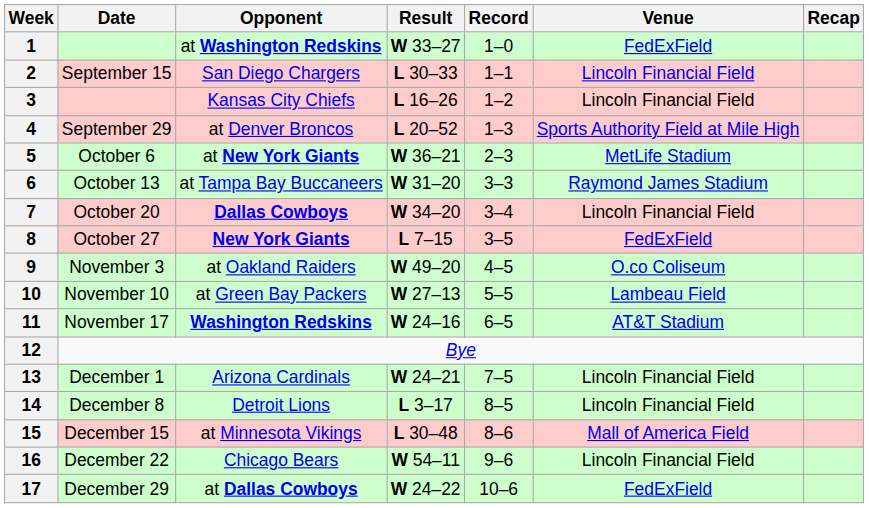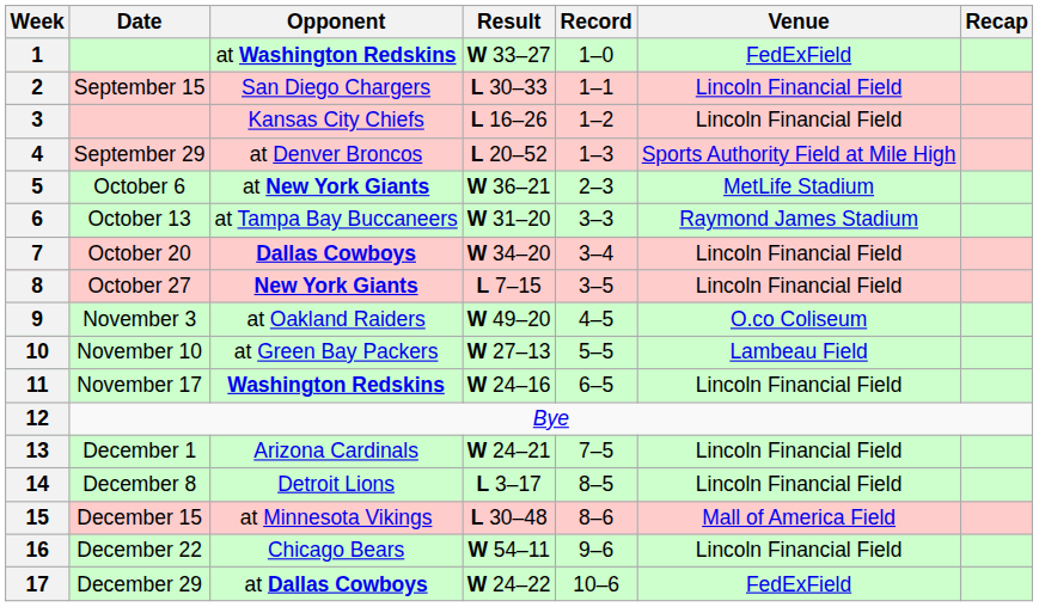 <table class="wikitable" style="text-align:center">
 <tr>
 <th>Week</th>
 <th>Date</th>
 <th>Opponent</th>
 <th>Result</th>
 <th>Record</th>
 <th>Venue</th>
 <th>Recap</th>
 </tr>
 <tr style="background:#cfc">
 <th>1</th>
 <td></td>
 <td>at <strong><a href='#'>Washington Redskins</a></strong></td>
 <td><strong>W</strong> 33–27</td>
 <td>1–0</td>
 <td><a href='#'>FedExField</a></td>
 <td></td>
 </tr>
 <tr style="background:#fcc">
 <th>2</th>
 <td>September 15</td>
 <td><a href='#'>San Diego Chargers</a></td>
 <td><strong>L</strong> 30–33</td>
 <td>1–1</td>
 <td><a href='#'>Lincoln Financial Field</a></td>
 <td></td>
 </tr>
 <tr style="background:#fcc">
 <th>3</th>
 <td></td>
 <td><a href='#'>Kansas City Chiefs</a></td>
 <td><strong>L</strong> 16–26</td>
 <td>1–2</td>
 <td>Lincoln Financial Field</td>
 <td></td>
 </tr>
 <tr style="background:#fcc">
 <th>4</th>
 <td>September 29</td>
 <td>at <a href='#'>Denver Broncos</a></td>
 <td><strong>L</strong> 20–52</td>
 <td>1–3</td>
 <td><a href='#'>Sports Authority Field at Mile High</a></td>
 <td></td>
 </tr>
 <tr style="background:#cfc">
 <th>5</th>
 <td>October 6</td>
 <td>at <strong><a href='#'>New York Giants</a></strong></td>
 <td><strong>W</strong> 36–21</td>
 <td>2–3</td>
 <td><a href='#'>MetLife Stadium</a></td>
 <td></td>
 </tr>
 <tr style="background:#cfc">
 <th>6</th>
 <td>October 13</td>
 <td>at <a href='#'>Tampa Bay Buccaneers</a></td>
 <td><strong>W</strong> 31–20</td>
 <td>3–3</td>
 <td><a href='#'>Raymond James Stadium</a></td>
 <td></td>
 </tr>
 <tr style="background:#fcc">
 <th>7</th>
 <td>October 20</td>
 <td><strong><a href='#'>Dallas Cowboys</a></strong></td>
 <td><strong>W</strong> 34–20</td>
 <td>3–4</td>
 <td>Lincoln Financial Field</td>
 <td></td>
 </tr>
 <tr style="background:#fcc">
 <th>8</th>
 <td>October 27</td>
 <td><strong><a href='#'>New York Giants</a></strong></td>
 <td><strong>L</strong> 7–15</td>
 <td>3–5</td>
-<td><a href='#'>FedExField</a></td>
+<td>Lincoln Financial Field</td>
 <td></td>
 </tr>
 <tr style="background:#cfc">
 <th>9</th>
 <td>November 3</td>
 <td>at <a href='#'>Oakland Raiders</a></td>
 <td><strong>W</strong> 49–20</td>
 <td>4–5</td>
 <td><a href='#'>O.co Coliseum</a></td>
 <td></td>
 </tr>
 <tr style="background:#cfc">
 <th>10</th>
 <td>November 10</td>
 <td>at <a href='#'>Green Bay Packers</a></td>
 <td><strong>W</strong> 27–13</td>
 <td>5–5</td>
 <td><a href='#'>Lambeau Field</a></td>
 <td></td>
 </tr>
 <tr style="background:#cfc">
 <th>11</th>
 <td>November 17</td>
 <td><strong><a href='#'>Washington Redskins</a></strong></td>
 <td><strong>W</strong> 24–16</td>
 <td>6–5</td>
-<td><a href='#'>AT&T Stadium</a></td>
+<td>Lincoln Financial Field</td>
 <td></td>
 </tr>
 <tr>
 <th>12</th>
 <td colspan="6"><em><a href='#'>Bye</a></em></td>
 </tr>
 <tr style="background:#cfc">
 <th>13</th>
 <td>December 1</td>
 <td><a href='#'>Arizona Cardinals</a></td>
 <td><strong>W</strong> 24–21</td>
 <td>7–5</td>
 <td>Lincoln Financial Field</td>
 <td></td>
 </tr>
 <tr style="background:#cfc">
 <th>14</th>
 <td>December 8</td>
 <td><a href='#'>Detroit Lions</a></td>
 <td><strong>L</strong> 3–17</td>
 <td>8–5</td>
 <td>Lincoln Financial Field</td>
 <td></td>
 </tr>
 <tr style="background:#fcc">
 <th>15</th>
 <td>December 15</td>
 <td>at <a href='#'>Minnesota Vikings</a></td>
 <td><strong>L</strong> 30–48</td>
 <td>8–6</td>
 <td><a href='#'>Mall of America Field</a></td>
 <td></td>
 </tr>
 <tr style="background:#cfc">
 <th>16</th>
 <td>December 22</td>
 <td><a href='#'>Chicago Bears</a></td>
 <td><strong>W</strong> 54–11</td>
 <td>9–6</td>
 <td>Lincoln Financial Field</td>
 <td></td>
 </tr>
 <tr style="background:#cfc">
 <th>17</th>
 <td>December 29</td>
 <td>at <strong><a href='#'>Dallas Cowboys</a></strong></td>
 <td><strong>W</strong> 24–22</td>
 <td>10–6</td>
 <td><a href='#'>FedExField</a></td>
 <td></td>
 </tr>
 </table>
